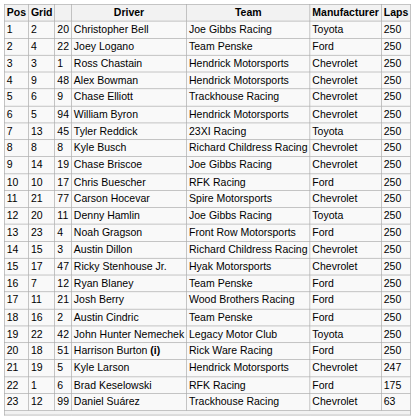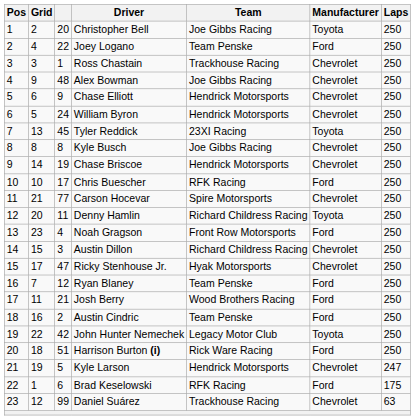 <table class="wikitable" style="font-size:98%">
 <tr>
 <th>Pos</th>
 <th>Grid</th>
 <th></th>
 <th>Driver</th>
 <th>Team</th>
 <th>Manufacturer</th>
 <th>Laps</th>
 </tr>
 <tr>
 <td>1</td>
 <td>2</td>
 <td>20</td>
 <td>Christopher Bell</td>
 <td>Joe Gibbs Racing</td>
 <td>Toyota</td>
 <td>250</td>
 </tr>
 <tr>
 <td>2</td>
 <td>4</td>
 <td>22</td>
 <td>Joey Logano</td>
 <td>Team Penske</td>
 <td>Ford</td>
 <td>250</td>
 </tr>
 <tr>
 <td>3</td>
 <td>3</td>
 <td>1</td>
 <td>Ross Chastain</td>
-<td>Hendrick Motorsports</td>
+<td>Trackhouse Racing</td>
 <td>Chevrolet</td>
 <td>250</td>
 </tr>
 <tr>
 <td>4</td>
 <td>9</td>
 <td>48</td>
 <td>Alex Bowman</td>
-<td>Hendrick Motorsports</td>
+<td>Joe Gibbs Racing</td>
 <td>Chevrolet</td>
 <td>250</td>
 </tr>
 <tr>
 <td>5</td>
 <td>6</td>
 <td>9</td>
 <td>Chase Elliott</td>
-<td>Trackhouse Racing</td>
+<td>Hendrick Motorsports</td>
 <td>Chevrolet</td>
 <td>250</td>
 </tr>
 <tr>
 <td>6</td>
 <td>5</td>
-<td>94</td>
+<td>24</td>
 <td>William Byron</td>
 <td>Hendrick Motorsports</td>
 <td>Chevrolet</td>
 <td>250</td>
 </tr>
 <tr>
 <td>7</td>
 <td>13</td>
 <td>45</td>
 <td>Tyler Reddick</td>
 <td>23XI Racing</td>
 <td>Toyota</td>
 <td>250</td>
 </tr>
 <tr>
 <td>8</td>
 <td>8</td>
 <td>8</td>
 <td>Kyle Busch</td>
-<td>Richard Childress Racing</td>
+<td>Joe Gibbs Racing</td>
 <td>Chevrolet</td>
 <td>250</td>
 </tr>
 <tr>
 <td>9</td>
 <td>14</td>
 <td>19</td>
 <td>Chase Briscoe</td>
-<td>Joe Gibbs Racing</td>
+<td>Hendrick Motorsports</td>
 <td>Chevrolet</td>
 <td>250</td>
 </tr>
 <tr>
 <td>10</td>
 <td>10</td>
 <td>17</td>
 <td>Chris Buescher</td>
 <td>RFK Racing</td>
 <td>Ford</td>
 <td>250</td>
 </tr>
 <tr>
 <td>11</td>
 <td>21</td>
 <td>77</td>
 <td>Carson Hocevar</td>
 <td>Spire Motorsports</td>
 <td>Chevrolet</td>
 <td>250</td>
 </tr>
 <tr>
 <td>12</td>
 <td>20</td>
 <td>11</td>
 <td>Denny Hamlin</td>
-<td>Joe Gibbs Racing</td>
+<td>Richard Childress Racing</td>
 <td>Toyota</td>
 <td>250</td>
 </tr>
 <tr>
 <td>13</td>
 <td>23</td>
 <td>4</td>
 <td>Noah Gragson</td>
 <td>Front Row Motorsports</td>
 <td>Ford</td>
 <td>250</td>
 </tr>
 <tr>
 <td>14</td>
 <td>15</td>
 <td>3</td>
 <td>Austin Dillon</td>
 <td>Richard Childress Racing</td>
 <td>Chevrolet</td>
 <td>250</td>
 </tr>
 <tr>
 <td>15</td>
 <td>17</td>
 <td>47</td>
 <td>Ricky Stenhouse Jr.</td>
 <td>Hyak Motorsports</td>
 <td>Chevrolet</td>
 <td>250</td>
 </tr>
 <tr>
 <td>16</td>
 <td>7</td>
 <td>12</td>
 <td>Ryan Blaney</td>
 <td>Team Penske</td>
 <td>Ford</td>
 <td>250</td>
 </tr>
 <tr>
 <td>17</td>
 <td>11</td>
 <td>21</td>
 <td>Josh Berry</td>
 <td>Wood Brothers Racing</td>
 <td>Ford</td>
 <td>250</td>
 </tr>
 <tr>
 <td>18</td>
 <td>16</td>
 <td>2</td>
 <td>Austin Cindric</td>
 <td>Team Penske</td>
 <td>Ford</td>
 <td>250</td>
 </tr>
 <tr>
 <td>19</td>
 <td>22</td>
 <td>42</td>
 <td>John Hunter Nemechek</td>
 <td>Legacy Motor Club</td>
 <td>Toyota</td>
 <td>250</td>
 </tr>
 <tr>
 <td>20</td>
 <td>18</td>
 <td>51</td>
 <td>Harrison Burton <strong>(i)</strong></td>
 <td>Rick Ware Racing</td>
 <td>Ford</td>
 <td>250</td>
 </tr>
 <tr>
 <td>21</td>
 <td>19</td>
 <td>5</td>
 <td>Kyle Larson</td>
 <td>Hendrick Motorsports</td>
 <td>Chevrolet</td>
 <td>247</td>
 </tr>
 <tr>
 <td>22</td>
 <td>1</td>
 <td>6</td>
 <td>Brad Keselowski</td>
 <td>RFK Racing</td>
 <td>Ford</td>
 <td>175</td>
 </tr>
 <tr>
 <td>23</td>
 <td>12</td>
 <td>99</td>
 <td>Daniel Suárez</td>
 <td>Trackhouse Racing</td>
 <td>Chevrolet</td>
 <td>63</td>
 </tr>
 <tr>
 <th colspan="7"></th>
 </tr>
 </table>
